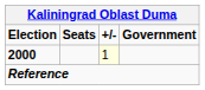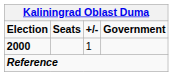 <table class="wikitable">
 <tr>
 <th colspan="4"><a href='#'>Kaliningrad Oblast Duma</a></th>
 </tr>
 <tr>
 <td><strong>Election</strong></td>
 <td><strong>Seats</strong></td>
 <td><strong>+/-</strong></td>
 <td><strong>Government</strong></td>
 </tr>
 <tr>
 <td><strong>2000</strong></td>
 <td></td>
-<td style="background: lightyellow;">1</td>
+<td>1</td>
 <td></td>
 </tr>
 <tr>
 <td colspan="4"><strong><em>Reference</em></strong></td>
 </tr>
 </table>
